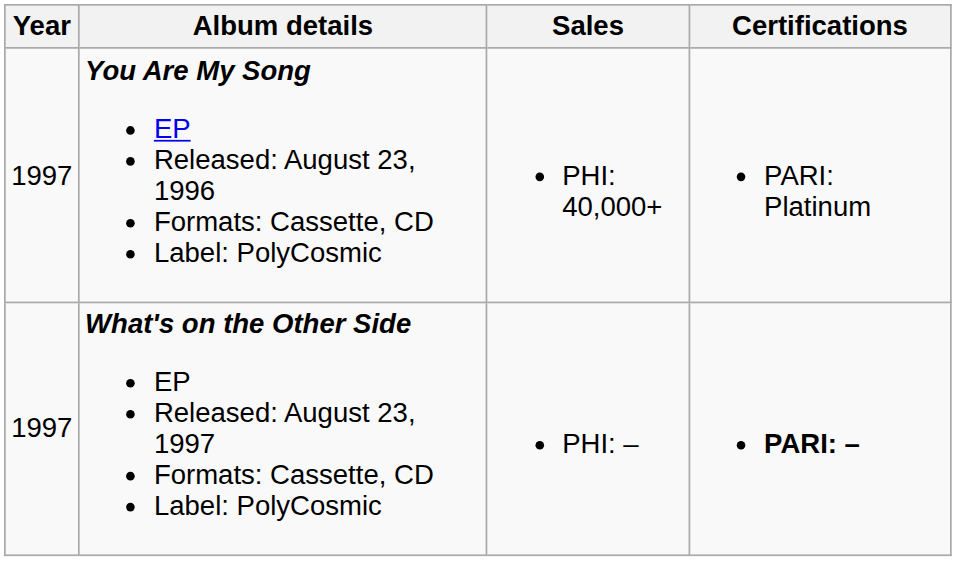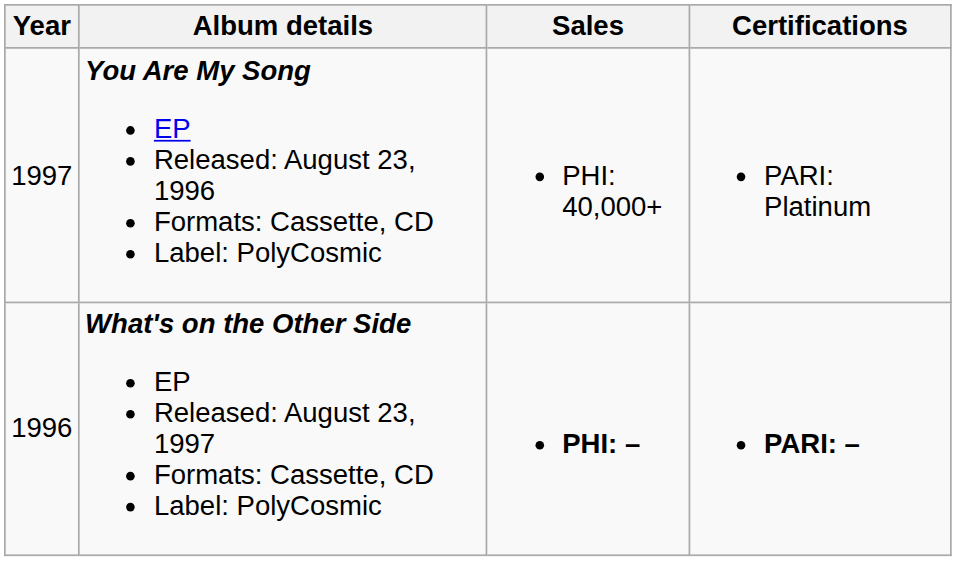 <table class="wikitable">
 <tr>
 <th>Year</th>
 <th width=230>Album details</th>
 <th width=110>Sales</th>
 <th width=145>Certifications</th>
 </tr>
 <tr>
 <td>1997</td>
 <td><strong><em>You Are My Song</em></strong><br><ul><li><a href='#'>EP</a></li><li>Released: August 23, 1996</li><li>Formats: Cassette, CD</li><li>Label: PolyCosmic</li></ul></td>
 <td><br><ul><li>PHI: 40,000+</li></ul></td>
 <td><br><ul><li>PARI: Platinum</li></ul></td>
 </tr>
 <tr>
-<td>1997</td>
+<td>1996</td>
 <td><strong><em>What's on the Other Side</em></strong><br><ul><li>EP</li><li>Released: August 23, 1997</li><li>Formats: Cassette, CD</li><li>Label: PolyCosmic</li></ul></td>
-<td><br><ul><li>PHI: –</li></ul></td>
+<td><strong><br><ul><li>PHI: –</li></ul></strong></td>
 <td><strong><br><ul><li>PARI: –</li></ul></strong></td>
 </tr>
 </table>
